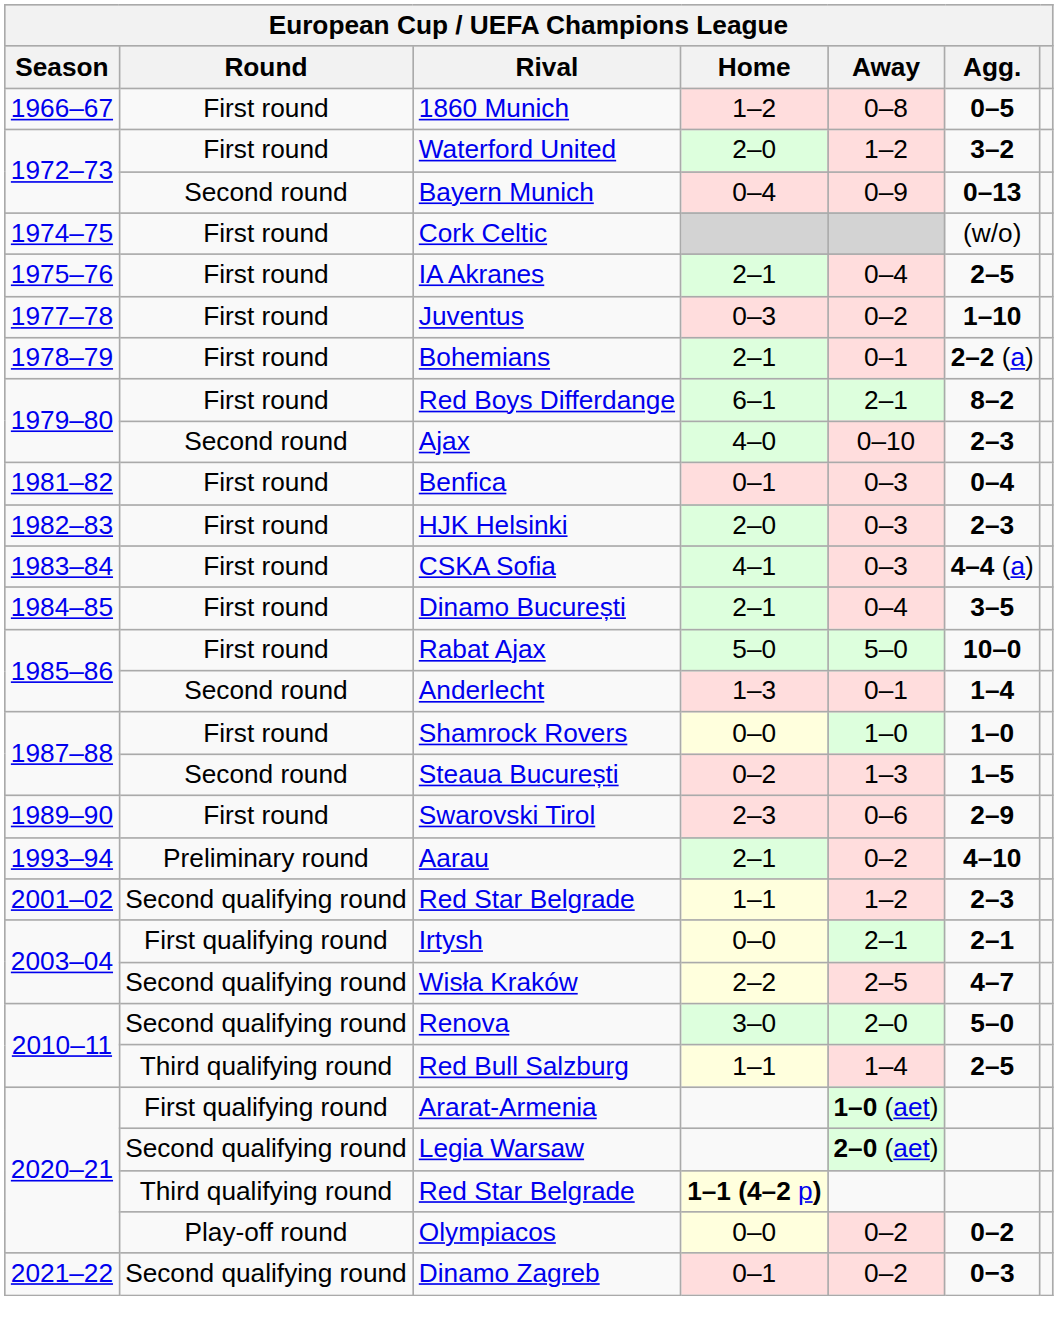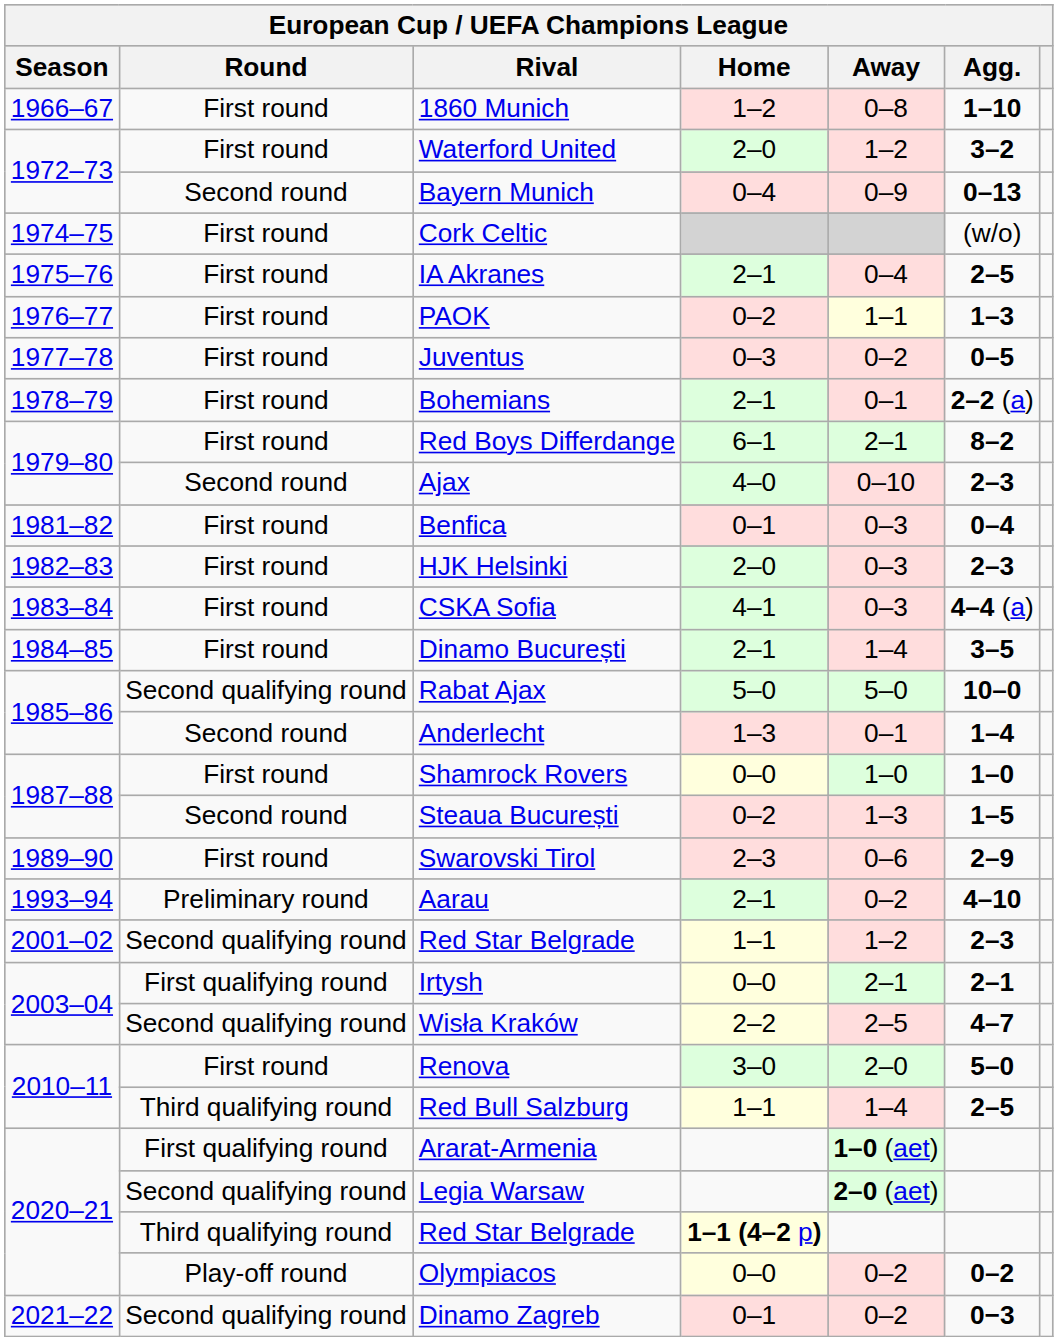 <table class="wikitable">
 <tr>
 <th colspan=7>European Cup / UEFA Champions League</th>
 </tr>
 <tr>
 <th>Season</th>
 <th>Round</th>
 <th>Rival</th>
 <th>Home</th>
 <th>Away</th>
 <th>Agg.</th>
 <th></th>
 </tr>
 <tr>
 <td style="text-align:center;"><a href='#'>1966–67</a></td>
 <td style="text-align:center;">First round</td>
 <td> <a href='#'>1860 Munich</a></td>
 <td style="text-align:center; background:#fdd;">1–2</td>
 <td style="text-align:center; background:#fdd;">0–8</td>
-<td style="text-align:center;"><strong>0–5</strong></td>
+<td style="text-align:center;"><strong>1–10</strong></td>
 <td></td>
 </tr>
 <tr>
 <td style="text-align:center;" rowspan=2><a href='#'>1972–73</a></td>
 <td style="text-align:center;">First round</td>
 <td> <a href='#'>Waterford United</a></td>
 <td style="text-align:center; background:#dfd;">2–0</td>
 <td style="text-align:center; background:#fdd;">1–2</td>
 <td style="text-align:center;"><strong>3–2</strong></td>
 <td></td>
 </tr>
 <tr>
 <td style="text-align:center;">Second round</td>
 <td> <a href='#'>Bayern Munich</a></td>
 <td style="text-align:center; background:#fdd;">0–4</td>
 <td style="text-align:center; background:#fdd;">0–9</td>
 <td style="text-align:center;"><strong>0–13</strong></td>
 <td></td>
 </tr>
 <tr>
 <td style="text-align:center;"><a href='#'>1974–75</a></td>
 <td style="text-align:center;">First round</td>
 <td> <a href='#'>Cork Celtic</a></td>
 <td style="text-align:center; background:#d3d3d3;"></td>
 <td style="text-align:center; background:#d3d3d3;"></td>
 <td style="text-align:center;">(w/o)</td>
 <td></td>
 </tr>
 <tr>
 <td style="text-align:center;"><a href='#'>1975–76</a></td>
 <td style="text-align:center;">First round</td>
 <td> <a href='#'>IA Akranes</a></td>
 <td style="text-align:center; background:#dfd;">2–1</td>
 <td style="text-align:center; background:#fdd;">0–4</td>
 <td style="text-align:center;"><strong>2–5</strong></td>
 <td></td>
 </tr>
 <tr>
+<td style="text-align:center;"><a href='#'>1976–77</a></td>
+<td style="text-align:center;">First round</td>
+<td> <a href='#'>PAOK</a></td>
+<td style="text-align:center; background:#fdd;">0–2</td>
+<td style="text-align:center; background:#ffd;">1–1</td>
+<td style="text-align:center;"><strong>1–3</strong></td>
+<td></td>
+</tr>
+<tr>
 <td style="text-align:center;"><a href='#'>1977–78</a></td>
 <td style="text-align:center;">First round</td>
 <td> <a href='#'>Juventus</a></td>
 <td style="text-align:center; background:#fdd;">0–3</td>
 <td style="text-align:center; background:#fdd;">0–2</td>
-<td style="text-align:center;"><strong>1–10</strong></td>
+<td style="text-align:center;"><strong>0–5</strong></td>
 <td></td>
 </tr>
 <tr>
 <td style="text-align:center;"><a href='#'>1978–79</a></td>
 <td style="text-align:center;">First round</td>
 <td> <a href='#'>Bohemians</a></td>
 <td style="text-align:center; background:#dfd;">2–1</td>
 <td style="text-align:center; background:#fdd;">0–1</td>
 <td style="text-align:center;"><strong>2–2</strong> (<a href='#'>a</a>)</td>
 <td></td>
 </tr>
 <tr>
 <td style="text-align:center;" rowspan=2><a href='#'>1979–80</a></td>
 <td style="text-align:center;">First round</td>
 <td> <a href='#'>Red Boys Differdange</a></td>
 <td style="text-align:center; background:#dfd;">6–1</td>
 <td style="text-align:center; background:#dfd;">2–1</td>
 <td style="text-align:center;"><strong>8–2</strong></td>
 <td></td>
 </tr>
 <tr>
 <td style="text-align:center;">Second round</td>
 <td> <a href='#'>Ajax</a></td>
 <td style="text-align:center; background:#dfd;">4–0</td>
 <td style="text-align:center; background:#fdd;">0–10</td>
 <td style="text-align:center;"><strong>2–3</strong></td>
 <td></td>
 </tr>
 <tr>
 <td style="text-align:center;"><a href='#'>1981–82</a></td>
 <td style="text-align:center;">First round</td>
 <td> <a href='#'>Benfica</a></td>
 <td style="text-align:center; background:#fdd;">0–1</td>
 <td style="text-align:center; background:#fdd;">0–3</td>
 <td style="text-align:center;"><strong>0–4</strong></td>
 <td></td>
 </tr>
 <tr>
 <td style="text-align:center;"><a href='#'>1982–83</a></td>
 <td style="text-align:center;">First round</td>
 <td> <a href='#'>HJK Helsinki</a></td>
 <td style="text-align:center; background:#dfd;">2–0</td>
 <td style="text-align:center; background:#fdd;">0–3</td>
 <td style="text-align:center;"><strong>2–3</strong></td>
 <td></td>
 </tr>
 <tr>
 <td style="text-align:center;"><a href='#'>1983–84</a></td>
 <td style="text-align:center;">First round</td>
 <td> <a href='#'>CSKA Sofia</a></td>
 <td style="text-align:center; background:#dfd;">4–1</td>
 <td style="text-align:center; background:#fdd;">0–3</td>
 <td style="text-align:center;"><strong>4–4</strong> (<a href='#'>a</a>)</td>
 <td></td>
 </tr>
 <tr>
 <td style="text-align:center;"><a href='#'>1984–85</a></td>
 <td style="text-align:center;">First round</td>
 <td> <a href='#'>Dinamo București</a></td>
 <td style="text-align:center; background:#dfd;">2–1</td>
-<td style="text-align:center; background:#fdd;">0–4</td>
+<td style="text-align:center; background:#fdd;">1–4</td>
 <td style="text-align:center;"><strong>3–5</strong></td>
 <td></td>
 </tr>
 <tr>
 <td style="text-align:center;" rowspan=2><a href='#'>1985–86</a></td>
-<td style="text-align:center;">First round</td>
+<td style="text-align:center;">Second qualifying round</td>
 <td> <a href='#'>Rabat Ajax</a></td>
 <td style="text-align:center; background:#dfd;">5–0</td>
 <td style="text-align:center; background:#dfd;">5–0</td>
 <td style="text-align:center;"><strong>10–0</strong></td>
 <td></td>
 </tr>
 <tr>
 <td style="text-align:center;">Second round</td>
 <td> <a href='#'>Anderlecht</a></td>
 <td style="text-align:center; background:#fdd;">1–3</td>
 <td style="text-align:center; background:#fdd;">0–1</td>
 <td style="text-align:center;"><strong>1–4</strong></td>
 <td></td>
 </tr>
 <tr>
 <td style="text-align:center;" rowspan=2><a href='#'>1987–88</a></td>
 <td style="text-align:center;">First round</td>
 <td> <a href='#'>Shamrock Rovers</a></td>
 <td style="text-align:center; background:#ffd;">0–0</td>
 <td style="text-align:center; background:#dfd;">1–0</td>
 <td style="text-align:center;"><strong>1–0</strong></td>
 <td></td>
 </tr>
 <tr>
 <td style="text-align:center;">Second round</td>
 <td> <a href='#'>Steaua București</a></td>
 <td style="text-align:center; background:#fdd;">0–2</td>
 <td style="text-align:center; background:#fdd;">1–3</td>
 <td style="text-align:center;"><strong>1–5</strong></td>
 <td></td>
 </tr>
 <tr>
 <td style="text-align:center;"><a href='#'>1989–90</a></td>
 <td style="text-align:center;">First round</td>
 <td> <a href='#'>Swarovski Tirol</a></td>
 <td style="text-align:center; background:#fdd;">2–3</td>
 <td style="text-align:center; background:#fdd;">0–6</td>
 <td style="text-align:center;"><strong>2–9</strong></td>
 <td></td>
 </tr>
 <tr>
 <td style="text-align:center;"><a href='#'>1993–94</a></td>
 <td style="text-align:center;">Preliminary round</td>
 <td> <a href='#'>Aarau</a></td>
 <td style="text-align:center; background:#dfd;">2–1</td>
 <td style="text-align:center; background:#fdd;">0–2</td>
 <td style="text-align:center;"><strong>4–10</strong></td>
 <td></td>
 </tr>
 <tr>
 <td style="text-align:center;"><a href='#'>2001–02</a></td>
 <td style="text-align:center;">Second qualifying round</td>
 <td> <a href='#'>Red Star Belgrade</a></td>
 <td style="text-align:center; background:#ffd;">1–1</td>
 <td style="text-align:center; background:#fdd;">1–2</td>
 <td style="text-align:center;"><strong>2–3</strong></td>
 <td></td>
 </tr>
 <tr>
 <td style="text-align:center;" rowspan=2><a href='#'>2003–04</a></td>
 <td style="text-align:center;">First qualifying round</td>
 <td> <a href='#'>Irtysh</a></td>
 <td style="text-align:center; background:#ffd;">0–0</td>
 <td style="text-align:center; background:#dfd;">2–1</td>
 <td style="text-align:center;"><strong>2–1</strong></td>
 <td></td>
 </tr>
 <tr>
 <td style="text-align:center;">Second qualifying round</td>
 <td> <a href='#'>Wisła Kraków</a></td>
 <td style="text-align:center; background:#ffd;">2–2</td>
 <td style="text-align:center; background:#fdd;">2–5</td>
 <td style="text-align:center;"><strong>4–7</strong></td>
 <td></td>
 </tr>
 <tr>
 <td style="text-align:center;" rowspan=2><a href='#'>2010–11</a></td>
-<td style="text-align:center;">Second qualifying round</td>
+<td style="text-align:center;">First round</td>
 <td> <a href='#'>Renova</a></td>
 <td style="text-align:center; background:#dfd;">3–0</td>
 <td style="text-align:center; background:#dfd;">2–0</td>
 <td style="text-align:center;"><strong>5–0</strong></td>
 <td></td>
 </tr>
 <tr>
 <td style="text-align:center;">Third qualifying round</td>
 <td> <a href='#'>Red Bull Salzburg</a></td>
 <td style="text-align:center; background:#ffd;">1–1</td>
 <td style="text-align:center; background:#fdd;">1–4</td>
 <td style="text-align:center;"><strong>2–5</strong></td>
 <td></td>
 </tr>
 <tr>
 <td style="text-align:center;" rowspan=4><a href='#'>2020–21</a></td>
 <td style="text-align:center;">First qualifying round</td>
 <td> <a href='#'>Ararat-Armenia</a></td>
 <td></td>
 <td style="text-align:center; background:#dfd;"><strong>1–0</strong> (<a href='#'>aet</a>)</td>
 <td></td>
 <td></td>
 </tr>
 <tr>
 <td style="text-align:center;">Second qualifying round</td>
 <td> <a href='#'>Legia Warsaw</a></td>
 <td></td>
 <td style="text-align:center; background:#dfd;"><strong>2–0</strong> (<a href='#'>aet</a>)</td>
 <td></td>
 <td></td>
 </tr>
 <tr>
 <td style="text-align:center;">Third qualifying round</td>
 <td> <a href='#'>Red Star Belgrade</a></td>
 <td style="text-align:center; background:#ffd;"><strong>1–1 (4–2</strong> <a href='#'>p</a><strong>)</strong></td>
 <td></td>
 <td></td>
 <td></td>
 </tr>
 <tr>
 <td style="text-align:center;">Play-off round</td>
 <td> <a href='#'>Olympiacos</a></td>
 <td style="text-align:center; background:#ffd;">0–0</td>
 <td style="text-align:center; background:#fdd;">0–2</td>
 <td style="text-align:center;"><strong>0–2</strong></td>
 <td></td>
 </tr>
 <tr>
 <td style="text-align:center;"><a href='#'>2021–22</a></td>
 <td style="text-align:center;">Second qualifying round</td>
 <td> <a href='#'>Dinamo Zagreb</a></td>
 <td style="text-align:center; background:#fdd;">0–1</td>
 <td style="text-align:center; background:#fdd;">0–2</td>
 <td style="text-align:center;"><strong>0−3</strong></td>
 <td></td>
 </tr>
 </table>
